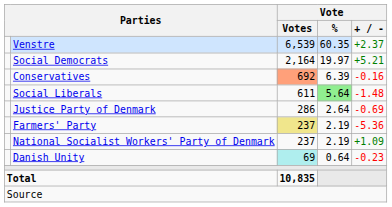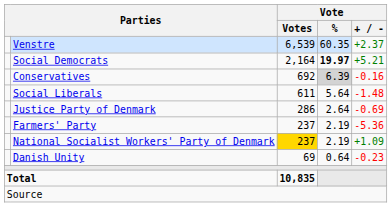 <table class="wikitable" style="text-align:right;">
 <tr>
 <th style="text-align:centre;" rowspan="2" colspan="2" width="225">Parties</th>
 <th colspan="3">Vote</th>
 </tr>
 <tr>
 <th width="15">Votes</th>
 <th width="15">%</th>
 <th width="15">+ / -</th>
 </tr>
 <tr>
 <td width="2" style="color:inherit;background:"></td>
 <td bgcolor=#cfe5fe  align="left"><a href='#'>Venstre</a></td>
 <td bgcolor=#cfe5fe>6,539</td>
 <td bgcolor=#cfe5fe>60.35</td>
 <td style=color:green;>+2.37</td>
 </tr>
 <tr>
 <td width="2" style="color:inherit;background:"></td>
 <td align="left"><a href='#'>Social Democrats</a></td>
 <td>2,164</td>
-<td>19.97</td>
+<td><strong>19.97</strong></td>
 <td style=color:green;>+5.21</td>
 </tr>
 <tr>
 <td width="2" style="color:inherit;background:"></td>
 <td align="left"><a href='#'>Conservatives</a></td>
-<td style="background: lightsalmon;">692</td>
-<td>6.39</td>
+<td>692</td>
+<td style="background: lightgrey;">6.39</td>
 <td style=color:red;>-0.16</td>
 </tr>
 <tr>
 <td width="2" style="color:inherit;background:"></td>
 <td align="left"><a href='#'>Social Liberals</a></td>
 <td>611</td>
-<td style="background: lightgreen;">5.64</td>
+<td>5.64</td>
 <td style=color:red;>-1.48</td>
 </tr>
 <tr>
 <td width="2" style="color:inherit;background:"></td>
 <td align="left"><a href='#'>Justice Party of Denmark</a></td>
 <td>286</td>
 <td>2.64</td>
 <td style=color:red;>-0.69</td>
 </tr>
 <tr>
 <td width="2" style="color:inherit;background:"></td>
 <td align="left"><a href='#'>Farmers' Party</a></td>
-<td style="background: khaki;">237</td>
+<td>237</td>
 <td>2.19</td>
 <td style=color:red;>-5.36</td>
 </tr>
 <tr>
 <td width="2" style="color:inherit;background:"></td>
 <td align="left"><a href='#'>National Socialist Workers' Party of Denmark</a></td>
-<td>237</td>
+<td style="background: gold;">237</td>
 <td>2.19</td>
 <td style=color:green;>+1.09</td>
 </tr>
 <tr>
 <td width="2" style="color:inherit;background:"></td>
 <td align="left"><a href='#'>Danish Unity</a></td>
-<td style="background: paleturquoise;">69</td>
+<td>69</td>
 <td>0.64</td>
 <td style=color:red;>-0.23</td>
 </tr>
 <tr>
 <td colspan="7" bgcolor="#E9E9E9"></td>
 </tr>
 <tr>
 <td align="left" colspan="2"><strong>Total</strong></td>
 <td><strong>10,835</strong></td>
 <td bgcolor="#E9E9E9" colspan="2"></td>
 </tr>
 <tr>
 <td align="left" colspan="6">Source</td>
 </tr>
 </table>
